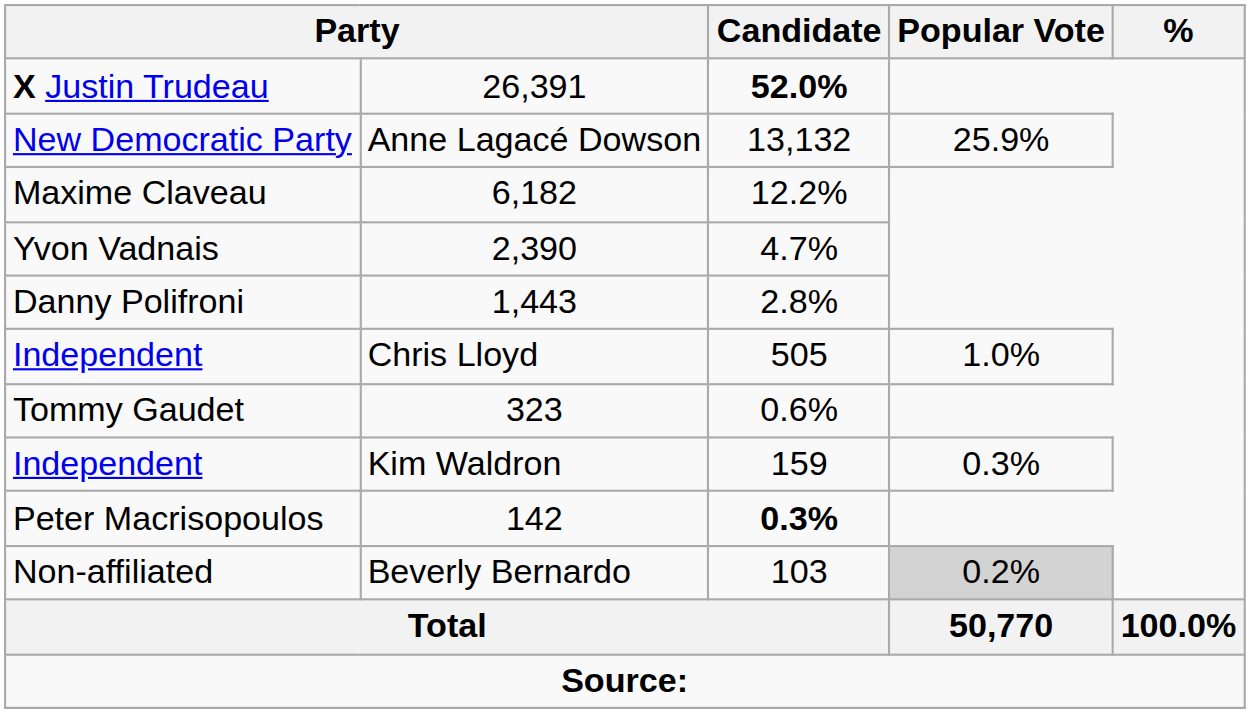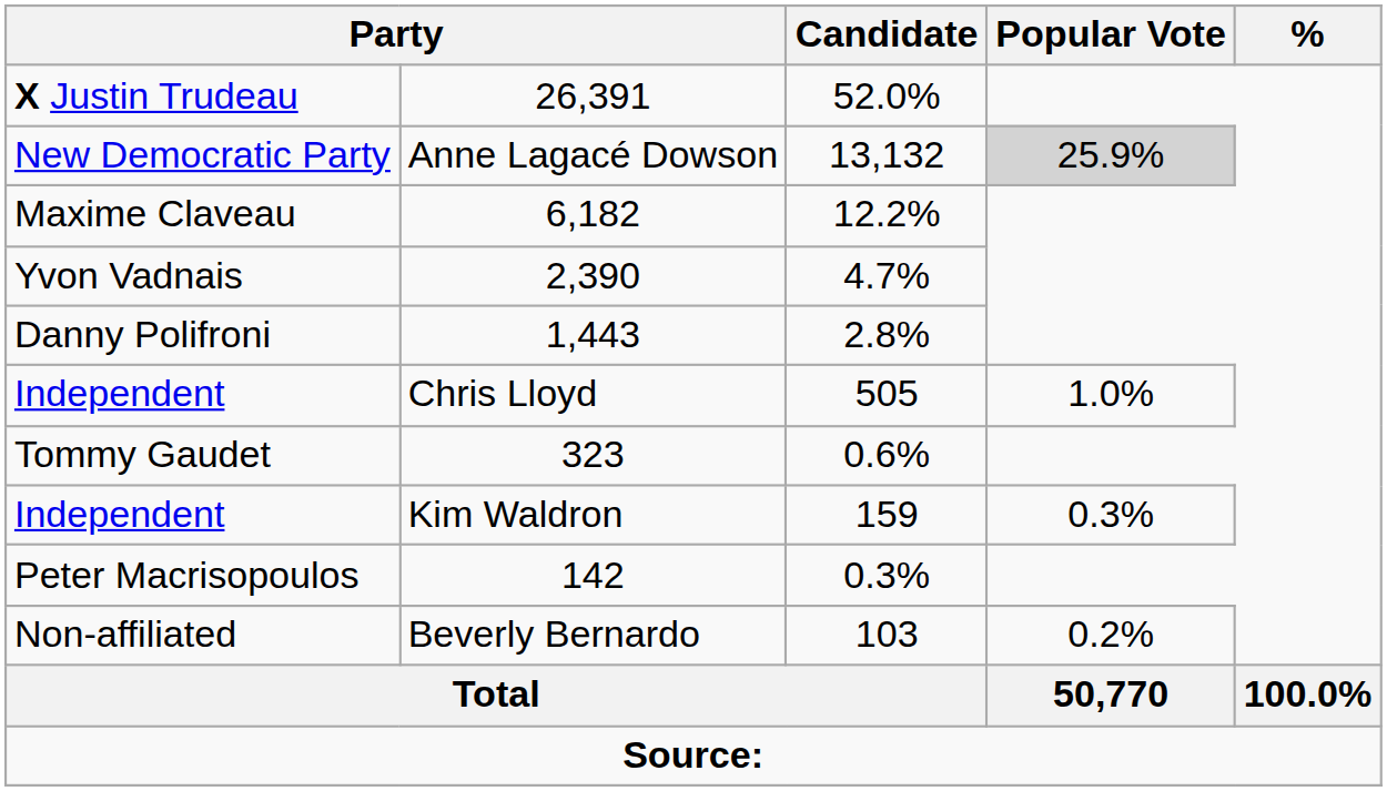 <table class="wikitable">
 <tr>
 <th colspan="2">Party</th>
 <th>Candidate</th>
 <th>Popular Vote</th>
 <th>%</th>
 </tr>
 <tr>
 <td> <strong>X</strong> <a href='#'>Justin Trudeau</a></td>
 <td align=center>26,391</td>
-<td align=center><strong>52.0%</strong></td>
+<td align=center>52.0%</td>
 </tr>
 <tr>
 <td><a href='#'>New Democratic Party</a></td>
 <td>Anne Lagacé Dowson</td>
 <td align=center>13,132</td>
-<td align=center>25.9%</td>
+<td align=center style="background: lightgrey;">25.9%</td>
 </tr>
 <tr>
 <td>Maxime Claveau</td>
 <td align=center>6,182</td>
 <td align=center>12.2%</td>
 </tr>
 <tr>
 <td>Yvon Vadnais</td>
 <td align=center>2,390</td>
 <td align=center>4.7%</td>
 </tr>
 <tr>
 <td>Danny Polifroni</td>
 <td align=center>1,443</td>
 <td align=center>2.8%</td>
 </tr>
 <tr>
 <td><a href='#'>Independent</a></td>
 <td>Chris Lloyd</td>
 <td align=center>505</td>
 <td align=center>1.0%</td>
 </tr>
 <tr>
 <td>Tommy Gaudet</td>
 <td align=center>323</td>
 <td align=center>0.6%</td>
 </tr>
 <tr>
 <td><a href='#'>Independent</a></td>
 <td>Kim Waldron</td>
 <td align=center>159</td>
 <td align=center>0.3%</td>
 </tr>
 <tr>
 <td>Peter Macrisopoulos</td>
 <td align=center>142</td>
-<td align=center><strong>0.3%</strong></td>
+<td align=center>0.3%</td>
 </tr>
 <tr>
 <td>Non-affiliated</td>
 <td>Beverly Bernardo</td>
 <td align=center>103</td>
-<td align=center style="background: lightgrey;">0.2%</td>
+<td align=center>0.2%</td>
 </tr>
 <tr>
 <th colspan=3>Total</th>
 <th>50,770</th>
 <th>100.0%</th>
 </tr>
 <tr>
 <td align="center" colspan=5><strong>Source:</strong> </td>
 </tr>
 <tr>
 </tr>
 </table>
